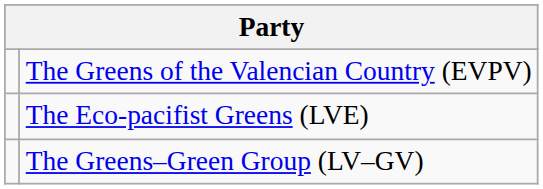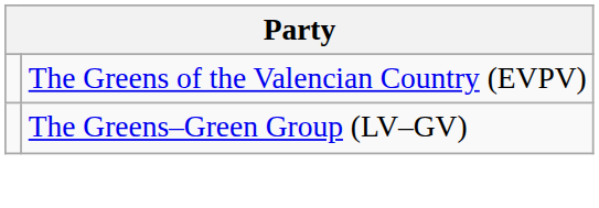 <table class="wikitable" style="text-align:left; font-size:97%;">
 <tr>
 <th colspan="2">Party</th>
 </tr>
 <tr>
 <td width="1"></td>
 <td><a href='#'>The Greens of the Valencian Country</a> (EVPV)</td>
 </tr>
 <tr>
 <td></td>
-<td><a href='#'>The Eco-pacifist Greens</a> (LVE)</td>
-</tr>
-<tr>
-<td></td>
 <td><a href='#'>The Greens–Green Group</a> (LV–GV)</td>
 </tr>
 </table>
